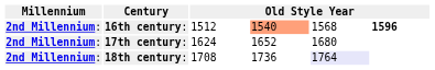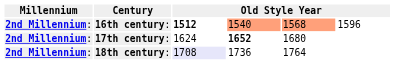 <table>
 <tr style="background-color:#efefef;">
 <th>Millennium</th>
 <th>Century</th>
 <th align="center" colspan="11">Old Style Year</th>
 </tr>
 <tr>
 <td style="background-color:#efefef;"><strong><a href='#'>2nd Millennium</a></strong>:</td>
 <td style="background-color:#efefef;"><strong>16th century</strong>:</td>
-<td width=70px>1512</td>
+<td width=70px><strong>1512</strong></td>
 <td width=70px style="background: lightsalmon;">1540</td>
-<td width=70px>1568</td>
-<td width=70px><strong>1596</strong></td>
+<td width=70px style="background: lightsalmon;">1568</td>
+<td width=70px>1596</td>
 </tr>
 <tr>
 <td style="background-color:#efefef;"><strong><a href='#'>2nd Millennium</a></strong>:</td>
 <td style="background-color:#efefef;"><strong>17th century</strong>:</td>
 <td width=70px>1624</td>
-<td width=70px>1652</td>
+<td width=70px><strong>1652</strong></td>
 <td width=70px>1680</td>
 <td width=70px> </td>
 </tr>
 <tr>
 <td style="background-color:#efefef;"><strong><a href='#'>2nd Millennium</a></strong>:</td>
 <td style="background-color:#efefef;"><strong>18th century</strong>:</td>
-<td width=70px>1708</td>
+<td width=70px style="background: lavender;">1708</td>
 <td width=70px>1736</td>
-<td width=70px style="background: lavender;">1764</td>
+<td width=70px>1764</td>
 <td width=70px> </td>
 </tr>
 </table>
